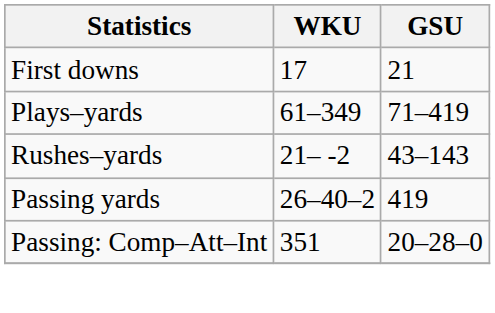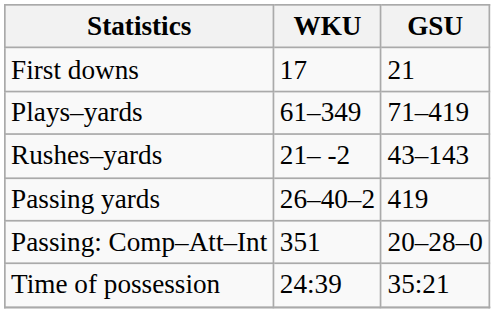 <table class="wikitable">
 <tr>
 <th>Statistics</th>
 <th>WKU</th>
 <th>GSU</th>
 </tr>
 <tr>
 <td>First downs</td>
 <td>17</td>
 <td>21</td>
 </tr>
 <tr>
 <td>Plays–yards</td>
 <td>61–349</td>
 <td>71–419</td>
 </tr>
 <tr>
 <td>Rushes–yards</td>
 <td>21– -2</td>
 <td>43–143</td>
 </tr>
 <tr>
 <td>Passing yards</td>
 <td>26–40–2</td>
 <td>419</td>
 </tr>
 <tr>
 <td>Passing: Comp–Att–Int</td>
 <td>351</td>
 <td>20–28–0</td>
 </tr>
 <tr>
+<td>Time of possession</td>
+<td>24:39</td>
+<td>35:21</td>
+</tr>
+<tr>
 </tr>
 </table>
